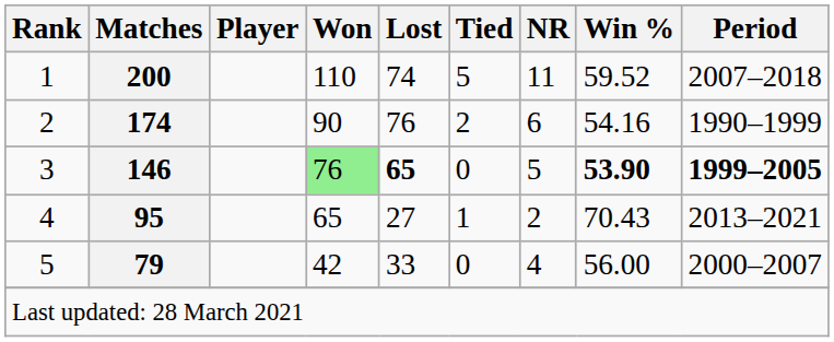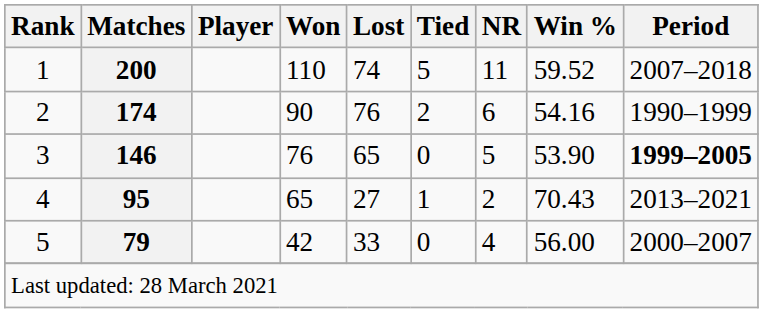 <table class="wikitable sortable">
 <tr>
 <th scope=col>Rank</th>
 <th scope=col>Matches</th>
 <th scope=col>Player</th>
 <th>Won</th>
 <th>Lost</th>
 <th>Tied</th>
 <th>NR</th>
 <th>Win %</th>
 <th>Period</th>
 </tr>
 <tr>
 <td align=center>1</td>
 <th scope=row style="text-align:center;">200</th>
 <td></td>
 <td>110</td>
 <td>74</td>
 <td>5</td>
 <td>11</td>
 <td>59.52</td>
 <td>2007–2018</td>
 </tr>
 <tr>
 <td align=center>2</td>
 <th scope=row style=text-align:center;>174</th>
 <td></td>
 <td>90</td>
 <td>76</td>
 <td>2</td>
 <td>6</td>
 <td>54.16</td>
 <td>1990–1999</td>
 </tr>
 <tr>
 <td align=center>3</td>
 <th scope=row style=text-align:center;>146</th>
 <td></td>
-<td style="background: lightgreen;">76</td>
-<td><strong>65</strong></td>
+<td>76</td>
+<td>65</td>
 <td>0</td>
 <td>5</td>
-<td><strong>53.90</strong></td>
+<td>53.90</td>
 <td><strong>1999–2005</strong></td>
 </tr>
 <tr>
 <td align=center>4</td>
 <th scope=row style=text-align:center;>95</th>
 <td></td>
 <td>65</td>
 <td>27</td>
 <td>1</td>
 <td>2</td>
 <td>70.43</td>
 <td>2013–2021</td>
 </tr>
 <tr>
 <td align=center>5</td>
 <th scope=row style=text-align:center;>79</th>
 <td></td>
 <td>42</td>
 <td>33</td>
 <td>0</td>
 <td>4</td>
 <td>56.00</td>
 <td>2000–2007</td>
 </tr>
 <tr>
 </tr>
 <tr class=sortbottom>
 <td colspan=9><small>Last updated: 28 March 2021</small></td>
 </tr>
 </table>
